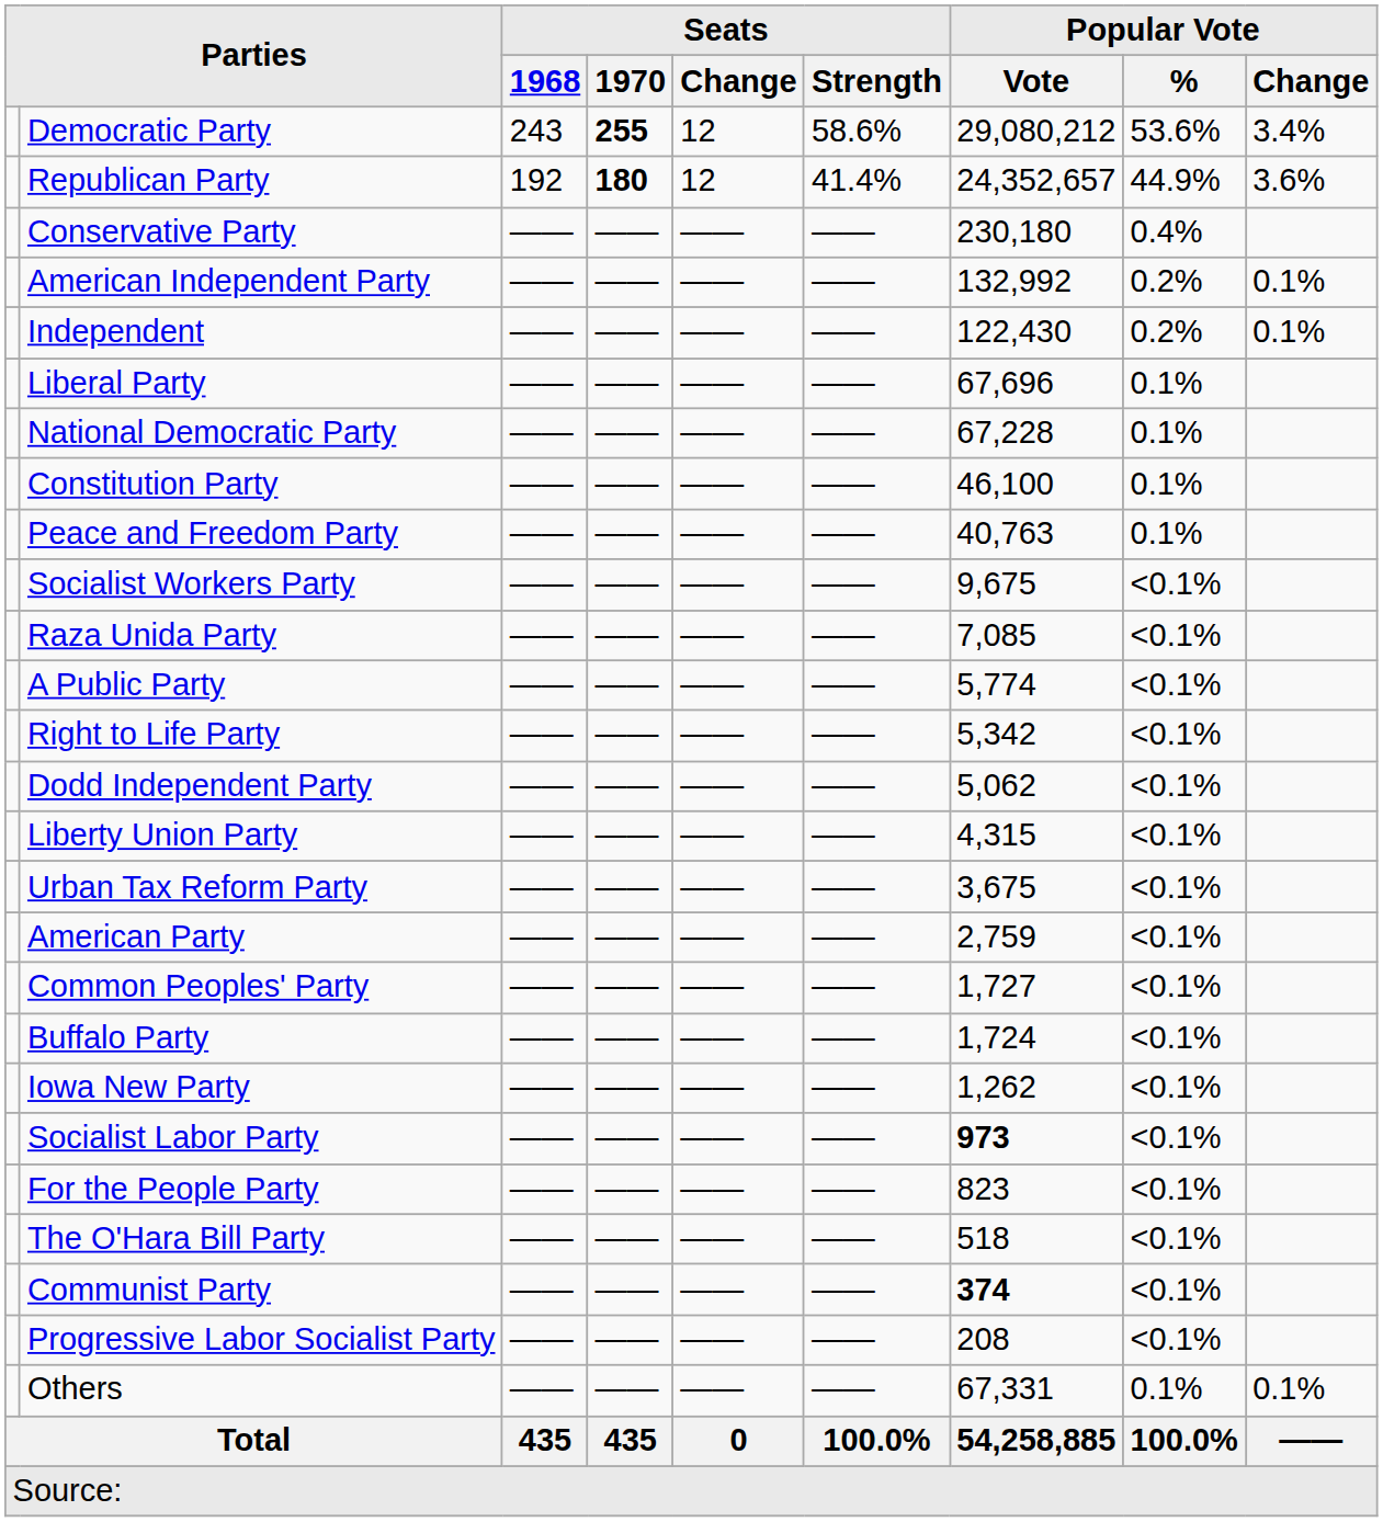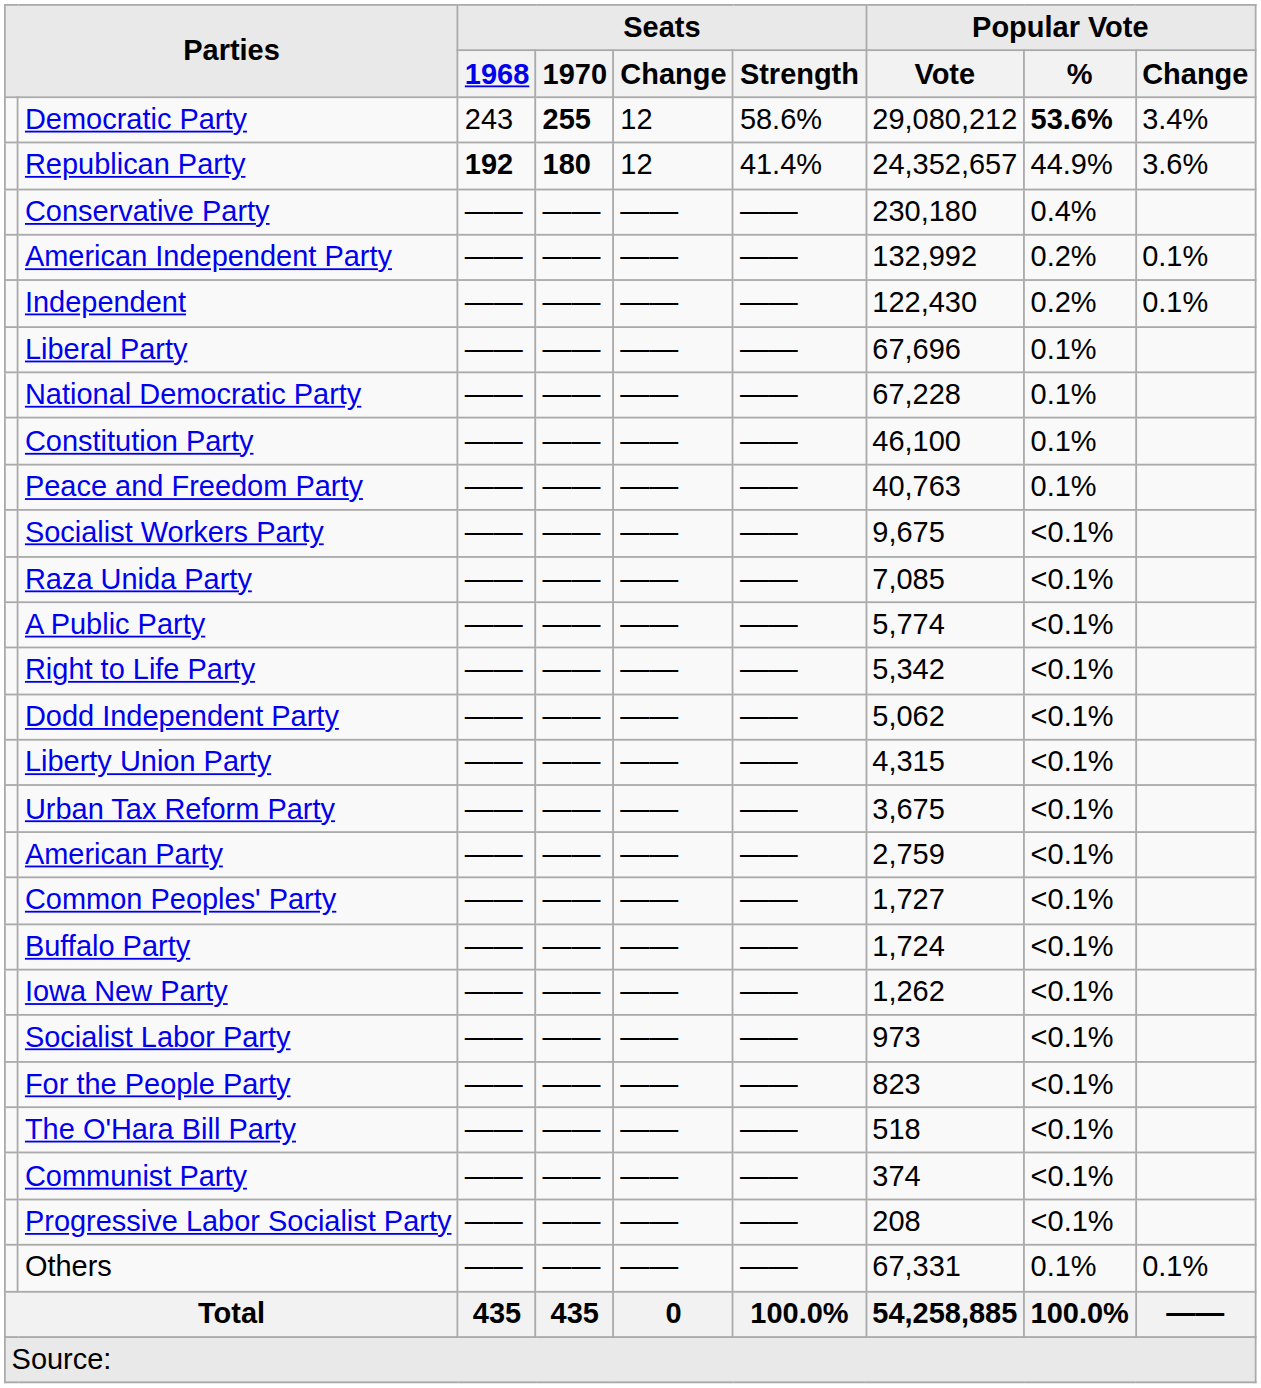 <table class=wikitable style=text-align:center">
 <tr>
 <th style="background-color:#E9E9E9" colspan=2 rowspan=2>Parties</th>
 <th style="background-color:#E9E9E9" colspan=4>Seats</th>
 <th style="background-color:#E9E9E9" colspan=3>Popular Vote</th>
 </tr>
 <tr>
 <th><a href='#'>1968</a></th>
 <th><strong>1970</strong></th>
 <th>Change</th>
 <th>Strength</th>
 <th>Vote</th>
 <th>%</th>
 <th>Change</th>
 </tr>
 <tr>
 <td></td>
 <td><a href='#'>Democratic Party</a></td>
 <td>243</td>
 <td><strong>255</strong></td>
 <td> 12</td>
 <td>58.6%</td>
 <td>29,080,212</td>
-<td>53.6%</td>
+<td><strong>53.6%</strong></td>
 <td> 3.4%</td>
 </tr>
 <tr>
 <td></td>
 <td><a href='#'>Republican Party</a></td>
-<td>192</td>
+<td><strong>192</strong></td>
 <td><strong>180</strong></td>
 <td> 12</td>
 <td>41.4%</td>
 <td>24,352,657</td>
 <td>44.9%</td>
 <td> 3.6%</td>
 </tr>
 <tr>
 <td></td>
 <td><a href='#'>Conservative Party</a></td>
 <td>——</td>
 <td>——</td>
 <td>——</td>
 <td>——</td>
 <td>230,180</td>
 <td>0.4%</td>
 <td></td>
 </tr>
 <tr>
 <td></td>
 <td><a href='#'>American Independent Party</a></td>
 <td>——</td>
 <td>——</td>
 <td>——</td>
 <td>——</td>
 <td>132,992</td>
 <td>0.2%</td>
 <td> 0.1%</td>
 </tr>
 <tr>
 <td></td>
 <td><a href='#'>Independent</a></td>
 <td>——</td>
 <td>——</td>
 <td>——</td>
 <td>——</td>
 <td>122,430</td>
 <td>0.2%</td>
 <td> 0.1%</td>
 </tr>
 <tr>
 <td></td>
 <td><a href='#'>Liberal Party</a></td>
 <td>——</td>
 <td>——</td>
 <td>——</td>
 <td>——</td>
 <td>67,696</td>
 <td>0.1%</td>
 <td></td>
 </tr>
 <tr>
 <td></td>
 <td><a href='#'>National Democratic Party</a></td>
 <td>——</td>
 <td>——</td>
 <td>——</td>
 <td>——</td>
 <td>67,228</td>
 <td>0.1%</td>
 <td></td>
 </tr>
 <tr>
 <td></td>
 <td><a href='#'>Constitution Party</a></td>
 <td>——</td>
 <td>——</td>
 <td>——</td>
 <td>——</td>
 <td>46,100</td>
 <td>0.1%</td>
 <td></td>
 </tr>
 <tr>
 <td></td>
 <td><a href='#'>Peace and Freedom Party</a></td>
 <td>——</td>
 <td>——</td>
 <td>——</td>
 <td>——</td>
 <td>40,763</td>
 <td>0.1%</td>
 <td></td>
 </tr>
 <tr>
 <td></td>
 <td><a href='#'>Socialist Workers Party</a></td>
 <td>——</td>
 <td>——</td>
 <td>——</td>
 <td>——</td>
 <td>9,675</td>
 <td><0.1%</td>
 <td></td>
 </tr>
 <tr>
 <td></td>
 <td><a href='#'>Raza Unida Party</a></td>
 <td>——</td>
 <td>——</td>
 <td>——</td>
 <td>——</td>
 <td>7,085</td>
 <td><0.1%</td>
 <td></td>
 </tr>
 <tr>
 <td></td>
 <td><a href='#'>A Public Party</a></td>
 <td>——</td>
 <td>——</td>
 <td>——</td>
 <td>——</td>
 <td>5,774</td>
 <td><0.1%</td>
 <td></td>
 </tr>
 <tr>
 <td></td>
 <td><a href='#'>Right to Life Party</a></td>
 <td>——</td>
 <td>——</td>
 <td>——</td>
 <td>——</td>
 <td>5,342</td>
 <td><0.1%</td>
 <td></td>
 </tr>
 <tr>
 <td></td>
 <td><a href='#'>Dodd Independent Party</a></td>
 <td>——</td>
 <td>——</td>
 <td>——</td>
 <td>——</td>
 <td>5,062</td>
 <td><0.1%</td>
 <td></td>
 </tr>
 <tr>
 <td></td>
 <td><a href='#'>Liberty Union Party</a></td>
 <td>——</td>
 <td>——</td>
 <td>——</td>
 <td>——</td>
 <td>4,315</td>
 <td><0.1%</td>
 <td></td>
 </tr>
 <tr>
 <td></td>
 <td><a href='#'>Urban Tax Reform Party</a></td>
 <td>——</td>
 <td>——</td>
 <td>——</td>
 <td>——</td>
 <td>3,675</td>
 <td><0.1%</td>
 <td></td>
 </tr>
 <tr>
 <td></td>
 <td><a href='#'>American Party</a></td>
 <td>——</td>
 <td>——</td>
 <td>——</td>
 <td>——</td>
 <td>2,759</td>
 <td><0.1%</td>
 <td></td>
 </tr>
 <tr>
 <td></td>
 <td><a href='#'>Common Peoples' Party</a></td>
 <td>——</td>
 <td>——</td>
 <td>——</td>
 <td>——</td>
 <td>1,727</td>
 <td><0.1%</td>
 <td></td>
 </tr>
 <tr>
 <td></td>
 <td><a href='#'>Buffalo Party</a></td>
 <td>——</td>
 <td>——</td>
 <td>——</td>
 <td>——</td>
 <td>1,724</td>
 <td><0.1%</td>
 <td></td>
 </tr>
 <tr>
 <td></td>
 <td><a href='#'>Iowa New Party</a></td>
 <td>——</td>
 <td>——</td>
 <td>——</td>
 <td>——</td>
 <td>1,262</td>
 <td><0.1%</td>
 <td></td>
 </tr>
 <tr>
 <td></td>
 <td><a href='#'>Socialist Labor Party</a></td>
 <td>——</td>
 <td>——</td>
 <td>——</td>
 <td>——</td>
-<td><strong>973</strong></td>
+<td>973</td>
 <td><0.1%</td>
 <td></td>
 </tr>
 <tr>
 <td></td>
 <td><a href='#'>For the People Party</a></td>
 <td>——</td>
 <td>——</td>
 <td>——</td>
 <td>——</td>
 <td>823</td>
 <td><0.1%</td>
 <td></td>
 </tr>
 <tr>
 <td></td>
 <td><a href='#'>The O'Hara Bill Party</a></td>
 <td>——</td>
 <td>——</td>
 <td>——</td>
 <td>——</td>
 <td>518</td>
 <td><0.1%</td>
 <td></td>
 </tr>
 <tr>
 <td></td>
 <td><a href='#'>Communist Party</a></td>
 <td>——</td>
 <td>——</td>
 <td>——</td>
 <td>——</td>
-<td><strong>374</strong></td>
+<td>374</td>
 <td><0.1%</td>
 <td></td>
 </tr>
 <tr>
 <td></td>
 <td><a href='#'>Progressive Labor Socialist Party</a></td>
 <td>——</td>
 <td>——</td>
 <td>——</td>
 <td>——</td>
 <td>208</td>
 <td><0.1%</td>
 <td></td>
 </tr>
 <tr>
 <td></td>
 <td>Others</td>
 <td>——</td>
 <td>——</td>
 <td>——</td>
 <td>——</td>
 <td>67,331</td>
 <td>0.1%</td>
 <td> 0.1%</td>
 </tr>
 <tr>
 <th colspan=2 width=100>Total</th>
 <th>435</th>
 <th>435</th>
 <th>0</th>
 <th>100.0%</th>
 <th>54,258,885</th>
 <th>100.0%</th>
 <th>——</th>
 </tr>
 <tr bgcolor=E9E9E9>
 <td colspan=9>Source: </td>
 </tr>
 </table>
